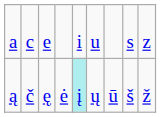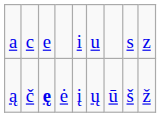 <table class="wikitable" style="line-height: 1.2">
 <tr align=center>
 <td> <br> <a href='#'>a</a></td>
 <td> <br> <a href='#'>c</a></td>
 <td> <br> <a href='#'>e</a></td>
 <td></td>
 <td> <br> <a href='#'>i</a></td>
 <td> <br> <a href='#'>u</a></td>
 <td></td>
 <td> <br> <a href='#'>s</a></td>
 <td> <br> <a href='#'>z</a></td>
 </tr>
 <tr align=center>
 <td> <br> <a href='#'>ą</a></td>
 <td> <br> <a href='#'>č</a></td>
-<td> <br> <a href='#'>ę</a></td>
+<td><strong> <br> <a href='#'>ę</a></strong></td>
 <td> <br> <a href='#'>ė</a></td>
-<td style="background: paleturquoise;"> <br> <a href='#'>į</a></td>
+<td> <br> <a href='#'>į</a></td>
 <td> <br> <a href='#'>ų</a></td>
 <td> <br> <a href='#'>ū</a></td>
 <td> <br> <a href='#'>š</a></td>
 <td> <br> <a href='#'>ž</a></td>
 </tr>
 </table>
